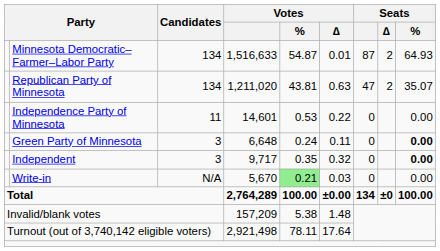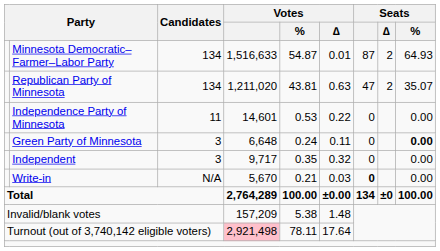 <table class="wikitable">
 <tr>
 <th rowspan="2" colspan="2">Party</th>
 <th rowspan="2">Candidates</th>
 <th colspan="3">Votes</th>
 <th colspan="3">Seats</th>
 </tr>
 <tr>
 <th></th>
 <th>%</th>
 <th>∆</th>
 <th></th>
 <th>∆</th>
 <th>%</th>
 </tr>
 <tr>
 <td style="background-color:"></td>
 <td><a href='#'>Minnesota Democratic–Farmer–Labor Party</a></td>
 <td align="right">134</td>
 <td align="right">1,516,633</td>
 <td align="right">54.87</td>
 <td align="right">0.01</td>
 <td align="right">87</td>
 <td align="right">2</td>
 <td align="right">64.93</td>
 </tr>
 <tr>
 <td style="background-color:"></td>
 <td><a href='#'>Republican Party of Minnesota</a></td>
 <td align="right">134</td>
 <td align="right">1,211,020</td>
 <td align="right">43.81</td>
 <td align="right">0.63</td>
 <td align="right">47</td>
 <td align="right">2</td>
 <td align="right">35.07</td>
 </tr>
 <tr>
 <td style="background-color:"></td>
 <td><a href='#'>Independence Party of Minnesota</a></td>
 <td align="right">11</td>
 <td align="right">14,601</td>
 <td align="right">0.53</td>
 <td align="right">0.22</td>
 <td align="right">0</td>
 <td align="right"></td>
 <td align="right">0.00</td>
 </tr>
 <tr>
 <td style="background-color:"></td>
 <td><a href='#'>Green Party of Minnesota</a></td>
 <td align="right">3</td>
 <td align="right">6,648</td>
 <td align="right">0.24</td>
 <td align="right">0.11</td>
 <td align="right">0</td>
 <td align="right"></td>
 <td align="right"><strong>0.00</strong></td>
 </tr>
 <tr>
 <td style="background-color:"></td>
 <td><a href='#'>Independent</a></td>
 <td align="right">3</td>
 <td align="right">9,717</td>
 <td align="right">0.35</td>
 <td align="right">0.32</td>
 <td align="right">0</td>
 <td align="right"></td>
-<td align="right"><strong>0.00</strong></td>
+<td align="right">0.00</td>
 </tr>
 <tr>
 <td style="background-color:"></td>
 <td><a href='#'>Write-in</a></td>
 <td align="right">N/A</td>
 <td align="right">5,670</td>
-<td align="right" style="background: lightgreen;">0.21</td>
+<td align="right">0.21</td>
 <td align="right">0.03</td>
-<td align="right">0</td>
+<td align="right"><strong>0</strong></td>
 <td align="right"></td>
 <td align="right">0.00</td>
 </tr>
 <tr>
 <td colspan="3" align="left"><strong>Total</strong></td>
 <td align="right"><strong>2,764,289</strong></td>
 <td align="right"><strong>100.00</strong></td>
 <td align="right"><strong>±0.00</strong></td>
 <td align="right"><strong>134</strong></td>
 <td align="right"><strong>±0</strong></td>
 <td align="right"><strong>100.00</strong></td>
 </tr>
 <tr>
 <td colspan="3" align="left">Invalid/blank votes</td>
 <td colspan="1" align="right">157,209</td>
 <td colspan="1" align="right">5.38</td>
 <td colspan="1" align="right">1.48</td>
 <td rowspan="2" colspan="3"></td>
 </tr>
 <tr>
 <td colspan="3" align="left">Turnout (out of 3,740,142 eligible voters)</td>
-<td colspan="1" align="right">2,921,498</td>
+<td colspan="1" align="right" style="background: pink;">2,921,498</td>
 <td colspan="1" align="right">78.11</td>
 <td colspan="1" align="right">17.64</td>
 </tr>
 <tr>
 <td colspan="9"></td>
 </tr>
 </table>
